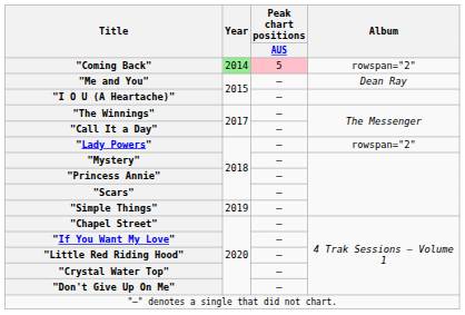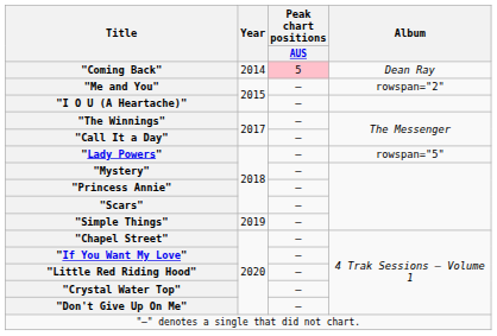 <table class="wikitable plainrowheaders" style="text-align:center;">
 <tr>
 <th scope="col" rowspan="2" style="width:22em;">Title</th>
 <th scope="col" rowspan="2">Year</th>
 <th scope="col">Peak chart positions</th>
 <th scope="col" rowspan="2">Album</th>
 </tr>
 <tr>
 <th scope="col" style="width:3em;font-size:90%;"><a href='#'>AUS</a><br></th>
 </tr>
 <tr>
 <th scope="row">"Coming Back"</th>
-<td style="background: lightgreen;">2014</td>
+<td>2014</td>
 <td style="background: pink;">5</td>
-<td>rowspan="2" </td>
+<td><em>Dean Ray</em></td>
 </tr>
 <tr>
 <th scope="row">"Me and You"</th>
 <td rowspan="2">2015</td>
 <td>—</td>
-<td><em>Dean Ray</em></td>
+<td>rowspan="2" </td>
 </tr>
 <tr>
 <th scope="row">"I O U (A Heartache)"</th>
 <td>—</td>
 </tr>
 <tr>
 <th scope="row">"The Winnings"</th>
 <td rowspan="2">2017</td>
 <td>—</td>
 <td rowspan="2"><em>The Messenger</em></td>
 </tr>
 <tr>
 <th scope="row">"Call It a Day"</th>
 <td>—</td>
 </tr>
 <tr>
 <th scope="row">"<a href='#'>Lady Powers</a>"</th>
 <td rowspan="4">2018</td>
 <td>—</td>
-<td>rowspan="2" </td>
+<td>rowspan="5" </td>
 </tr>
 <tr>
 <th scope="row">"Mystery"</th>
 <td>—</td>
 </tr>
 <tr>
 <th scope="row">"Princess Annie"</th>
 <td>—</td>
 </tr>
 <tr>
 <th scope="row">"Scars"</th>
 <td>—</td>
 </tr>
 <tr>
 <th scope="row">"Simple Things"</th>
 <td>2019</td>
 <td>—</td>
 </tr>
 <tr>
 <th scope="row">"Chapel Street" </th>
 <td rowspan="5">2020</td>
 <td>—</td>
 <td rowspan="5"><em>4 Trak Sessions – Volume 1</em></td>
 </tr>
 <tr>
 <th scope="row">"<a href='#'>If You Want My Love</a>" </th>
 <td>—</td>
 </tr>
 <tr>
 <th scope="row">"Little Red Riding Hood" </th>
 <td>—</td>
 </tr>
 <tr>
 <th scope="row">"Crystal Water Top" </th>
 <td>—</td>
 </tr>
 <tr>
 <th scope="row">"Don't Give Up On Me" </th>
 <td>—</td>
 </tr>
 <tr>
 <td colspan="5" style="font-size:90%">"—" denotes a single that did not chart.</td>
 </tr>
 </table>
